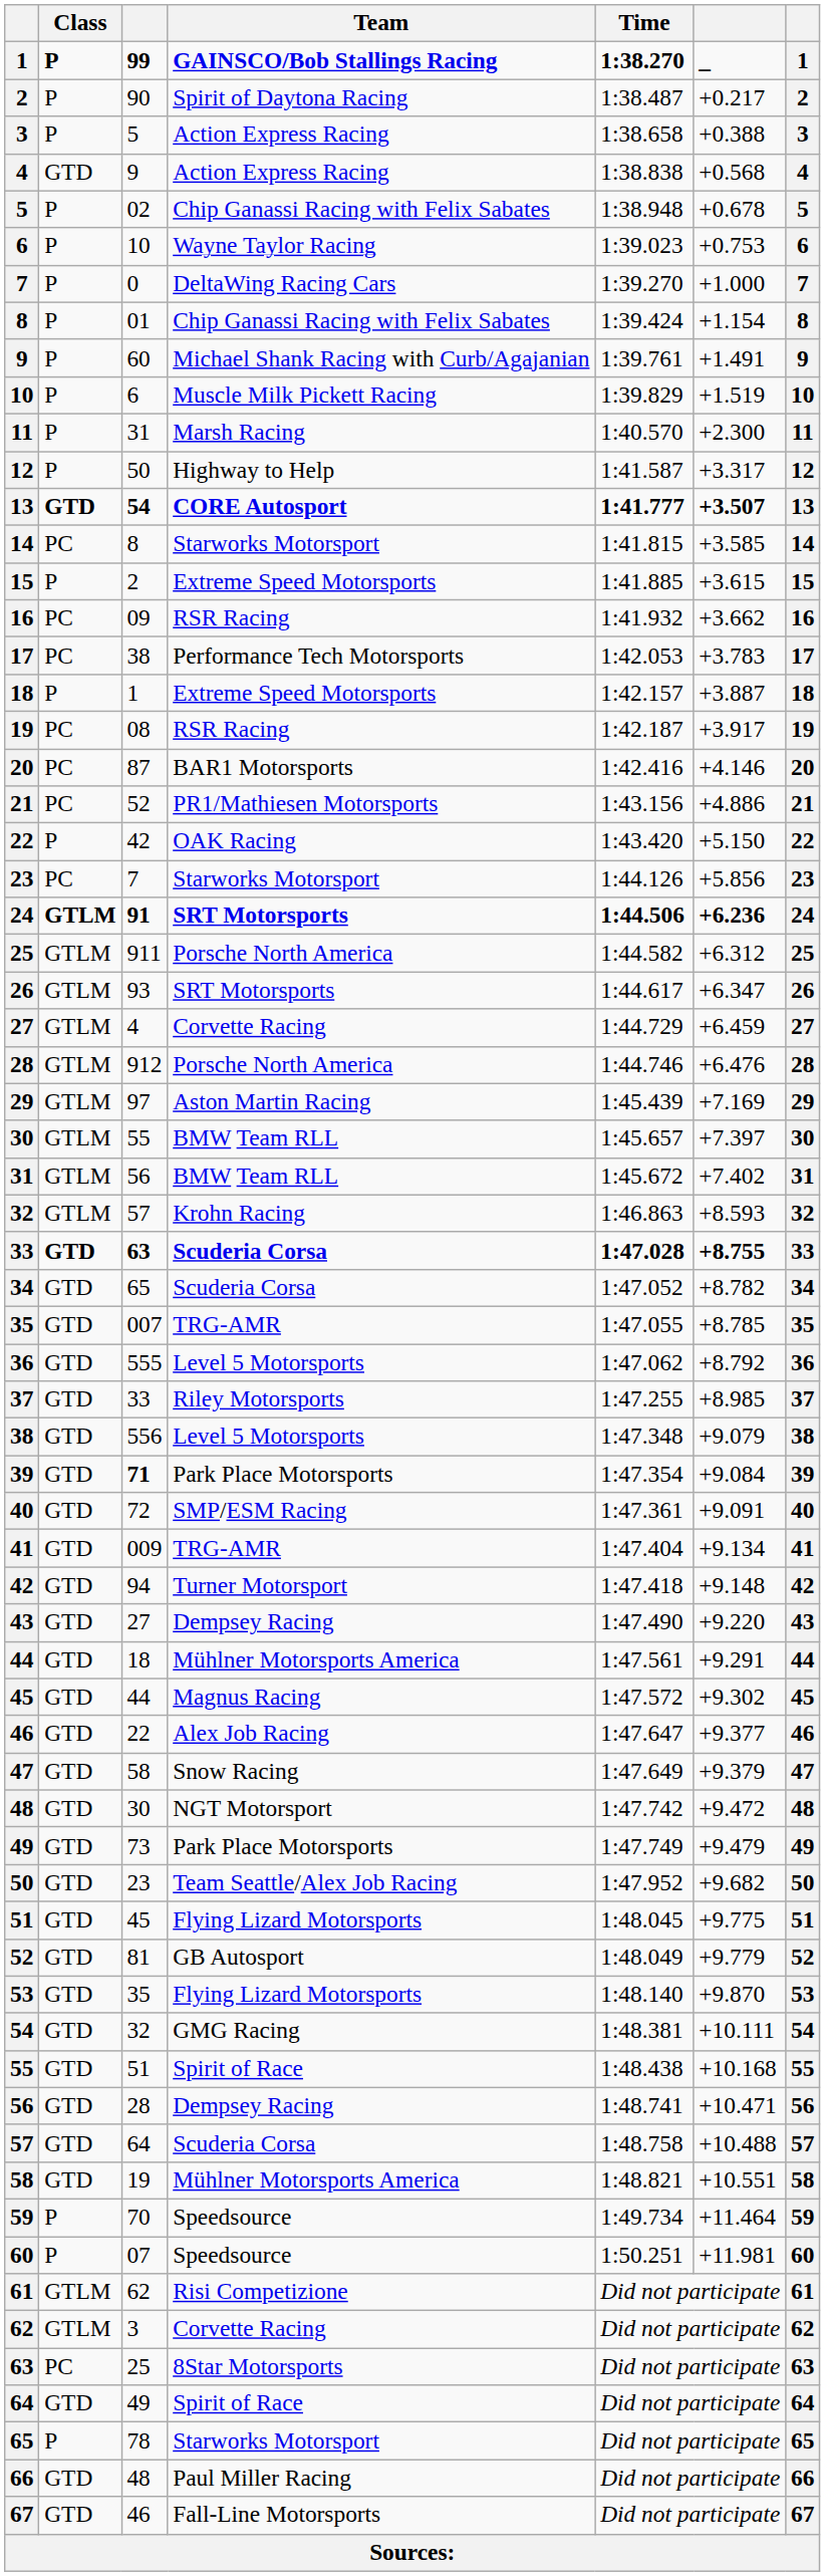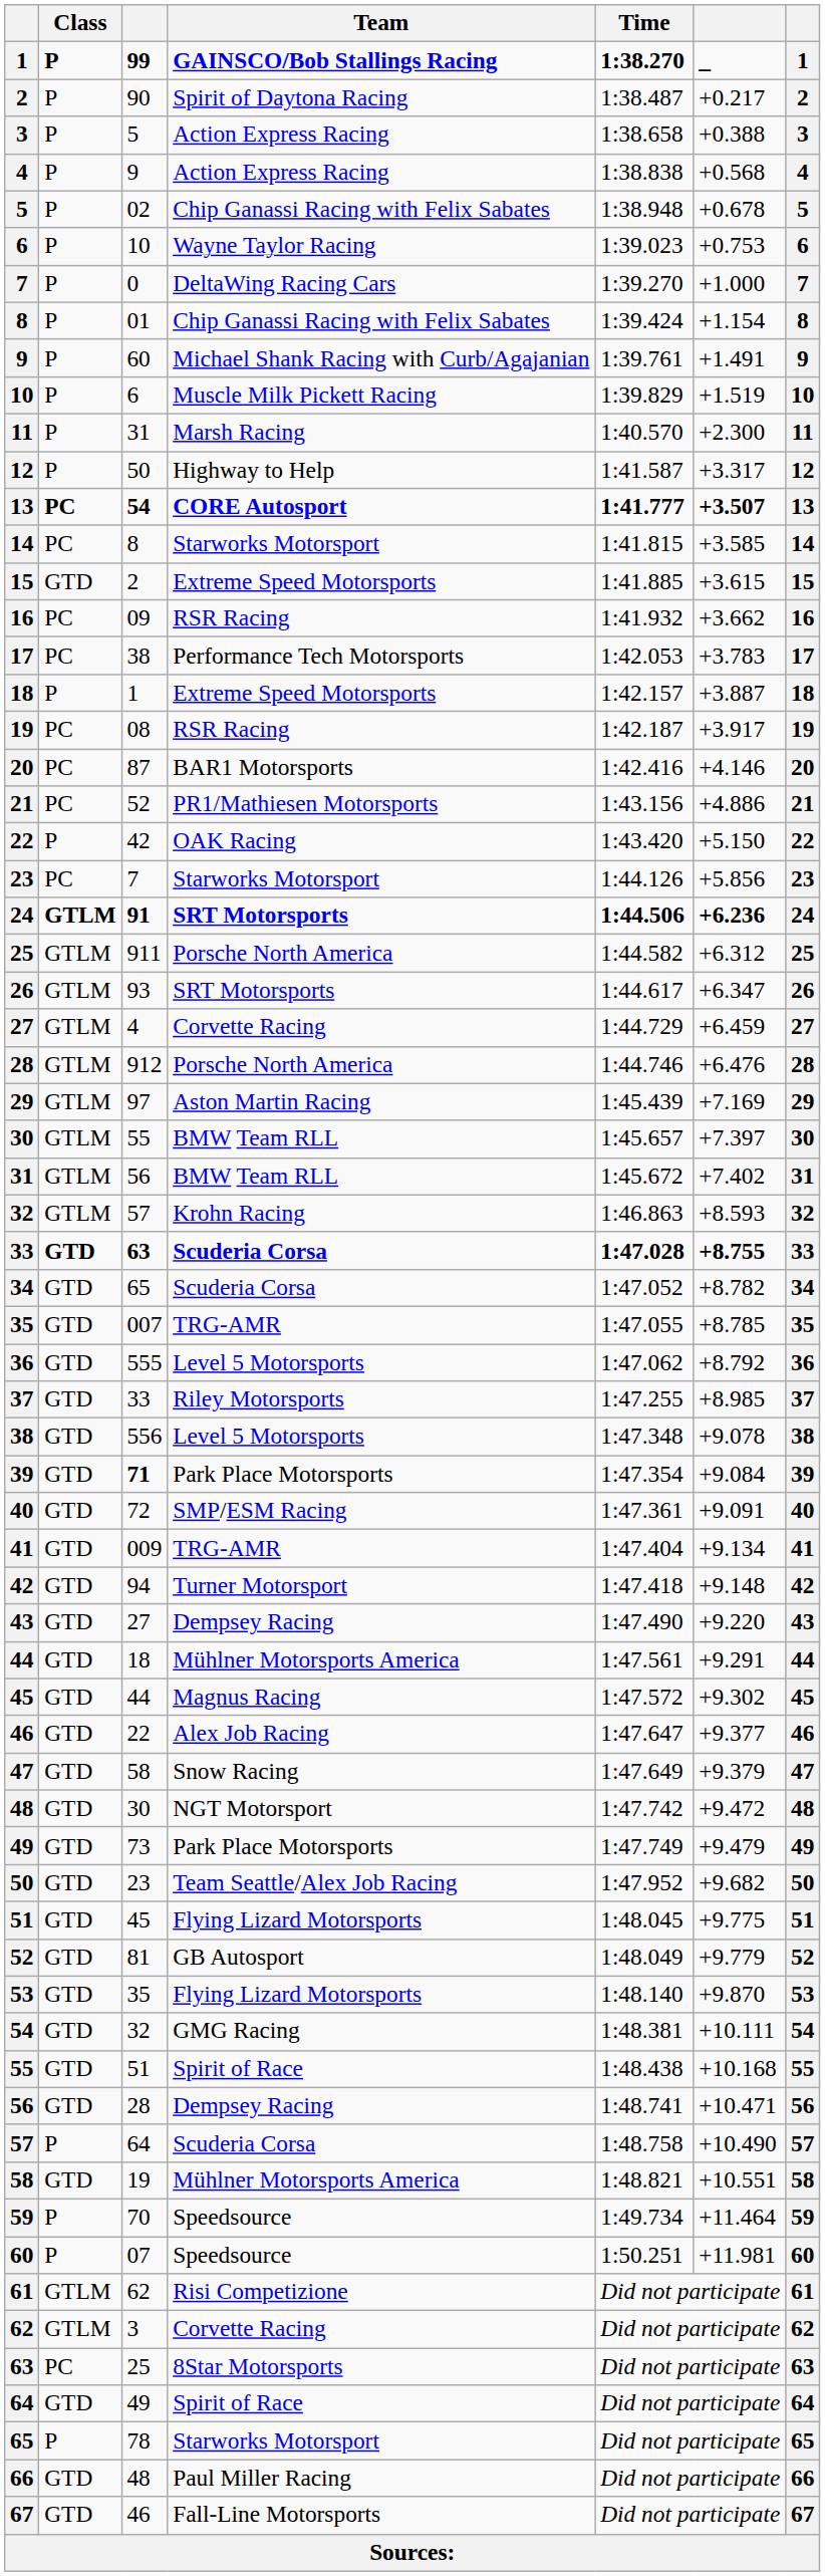 <table class="wikitable">
 <tr>
 <th></th>
 <th>Class</th>
 <th></th>
 <th>Team</th>
 <th>Time</th>
 <th></th>
 <th></th>
 </tr>
 <tr style="font-weight:bold">
 <th>1</th>
 <td>P</td>
 <td>99</td>
 <td> <a href='#'>GAINSCO/Bob Stallings Racing</a></td>
 <td>1:38.270</td>
 <td><strong>_</strong></td>
 <th>1</th>
 </tr>
 <tr>
 <th>2</th>
 <td>P</td>
 <td>90</td>
 <td> <a href='#'>Spirit of Daytona Racing</a></td>
 <td>1:38.487</td>
 <td>+0.217</td>
 <th>2</th>
 </tr>
 <tr>
 <th>3</th>
 <td>P</td>
 <td>5</td>
 <td> <a href='#'>Action Express Racing</a></td>
 <td>1:38.658</td>
 <td>+0.388</td>
 <th>3</th>
 </tr>
 <tr>
 <th>4</th>
-<td>GTD</td>
+<td>P</td>
 <td>9</td>
 <td> <a href='#'>Action Express Racing</a></td>
 <td>1:38.838</td>
 <td>+0.568</td>
 <th>4</th>
 </tr>
 <tr>
 <th>5</th>
 <td>P</td>
 <td>02</td>
 <td> <a href='#'>Chip Ganassi Racing with Felix Sabates</a></td>
 <td>1:38.948</td>
 <td>+0.678</td>
 <th>5</th>
 </tr>
 <tr>
 <th>6</th>
 <td>P</td>
 <td>10</td>
 <td> <a href='#'>Wayne Taylor Racing</a></td>
 <td>1:39.023</td>
 <td>+0.753</td>
 <th>6</th>
 </tr>
 <tr>
 <th>7</th>
 <td>P</td>
 <td>0</td>
 <td> <a href='#'>DeltaWing Racing Cars</a></td>
 <td>1:39.270</td>
 <td>+1.000</td>
 <th>7</th>
 </tr>
 <tr>
 <th>8</th>
 <td>P</td>
 <td>01</td>
 <td> <a href='#'>Chip Ganassi Racing with Felix Sabates</a></td>
 <td>1:39.424</td>
 <td>+1.154</td>
 <th>8</th>
 </tr>
 <tr>
 <th>9</th>
 <td>P</td>
 <td>60</td>
 <td> <a href='#'>Michael Shank Racing</a> with <a href='#'>Curb/Agajanian</a></td>
 <td>1:39.761</td>
 <td>+1.491</td>
 <th>9</th>
 </tr>
 <tr>
 <th>10</th>
 <td>P</td>
 <td>6</td>
 <td> <a href='#'>Muscle Milk Pickett Racing</a></td>
 <td>1:39.829</td>
 <td>+1.519</td>
 <th>10</th>
 </tr>
 <tr>
 <th>11</th>
 <td>P</td>
 <td>31</td>
 <td> <a href='#'>Marsh Racing</a></td>
 <td>1:40.570</td>
 <td>+2.300</td>
 <th>11</th>
 </tr>
 <tr>
 <th>12</th>
 <td>P</td>
 <td>50</td>
 <td> Highway to Help</td>
 <td>1:41.587</td>
 <td>+3.317</td>
 <th>12</th>
 </tr>
 <tr style="font-weight:bold">
 <th>13</th>
-<td>GTD</td>
+<td>PC</td>
 <td>54</td>
 <td> <a href='#'>CORE Autosport</a></td>
 <td>1:41.777</td>
 <td>+3.507</td>
 <th>13</th>
 </tr>
 <tr>
 <th>14</th>
 <td>PC</td>
 <td>8</td>
 <td> <a href='#'>Starworks Motorsport</a></td>
 <td>1:41.815</td>
 <td>+3.585</td>
 <th>14</th>
 </tr>
 <tr>
 <th>15</th>
-<td>P</td>
+<td>GTD</td>
 <td>2</td>
 <td> <a href='#'>Extreme Speed Motorsports</a></td>
 <td>1:41.885</td>
 <td>+3.615</td>
 <th>15</th>
 </tr>
 <tr>
 <th>16</th>
 <td>PC</td>
 <td>09</td>
 <td> <a href='#'>RSR Racing</a></td>
 <td>1:41.932</td>
 <td>+3.662</td>
 <th>16</th>
 </tr>
 <tr>
 <th>17</th>
 <td>PC</td>
 <td>38</td>
 <td> Performance Tech Motorsports</td>
 <td>1:42.053</td>
 <td>+3.783</td>
 <th>17</th>
 </tr>
 <tr>
 <th>18</th>
 <td>P</td>
 <td>1</td>
 <td> <a href='#'>Extreme Speed Motorsports</a></td>
 <td>1:42.157</td>
 <td>+3.887</td>
 <th>18</th>
 </tr>
 <tr>
 <th>19</th>
 <td>PC</td>
 <td>08</td>
 <td> <a href='#'>RSR Racing</a></td>
 <td>1:42.187</td>
 <td>+3.917</td>
 <th>19</th>
 </tr>
 <tr>
 <th>20</th>
 <td>PC</td>
 <td>87</td>
 <td> BAR1 Motorsports</td>
 <td>1:42.416</td>
 <td>+4.146</td>
 <th>20</th>
 </tr>
 <tr>
 <th>21</th>
 <td>PC</td>
 <td>52</td>
 <td> <a href='#'>PR1/Mathiesen Motorsports</a></td>
 <td>1:43.156</td>
 <td>+4.886</td>
 <th>21</th>
 </tr>
 <tr>
 <th>22</th>
 <td>P</td>
 <td>42</td>
 <td> <a href='#'>OAK Racing</a></td>
 <td>1:43.420</td>
 <td>+5.150</td>
 <th>22</th>
 </tr>
 <tr>
 <th>23</th>
 <td>PC</td>
 <td>7</td>
 <td> <a href='#'>Starworks Motorsport</a></td>
 <td>1:44.126</td>
 <td>+5.856</td>
 <th>23</th>
 </tr>
 <tr style="font-weight:bold">
 <th>24</th>
 <td>GTLM</td>
 <td>91</td>
 <td> <a href='#'>SRT Motorsports</a></td>
 <td>1:44.506</td>
 <td>+6.236</td>
 <th>24</th>
 </tr>
 <tr>
 <th>25</th>
 <td>GTLM</td>
 <td>911</td>
 <td> <a href='#'>Porsche North America</a></td>
 <td>1:44.582</td>
 <td>+6.312</td>
 <th>25</th>
 </tr>
 <tr>
 <th>26</th>
 <td>GTLM</td>
 <td>93</td>
 <td> <a href='#'>SRT Motorsports</a></td>
 <td>1:44.617</td>
 <td>+6.347</td>
 <th>26</th>
 </tr>
 <tr>
 <th>27</th>
 <td>GTLM</td>
 <td>4</td>
 <td> <a href='#'>Corvette Racing</a></td>
 <td>1:44.729</td>
 <td>+6.459</td>
 <th>27</th>
 </tr>
 <tr>
 <th>28</th>
 <td>GTLM</td>
 <td>912</td>
 <td> <a href='#'>Porsche North America</a></td>
 <td>1:44.746</td>
 <td>+6.476</td>
 <th>28</th>
 </tr>
 <tr>
 <th>29</th>
 <td>GTLM</td>
 <td>97</td>
 <td> <a href='#'>Aston Martin Racing</a></td>
 <td>1:45.439</td>
 <td>+7.169</td>
 <th>29</th>
 </tr>
 <tr>
 <th>30</th>
 <td>GTLM</td>
 <td>55</td>
 <td> <a href='#'>BMW</a> <a href='#'>Team RLL</a></td>
 <td>1:45.657</td>
 <td>+7.397</td>
 <th>30</th>
 </tr>
 <tr>
 <th>31</th>
 <td>GTLM</td>
 <td>56</td>
 <td> <a href='#'>BMW</a> <a href='#'>Team RLL</a></td>
 <td>1:45.672</td>
 <td>+7.402</td>
 <th>31</th>
 </tr>
 <tr>
 <th>32</th>
 <td>GTLM</td>
 <td>57</td>
 <td> <a href='#'>Krohn Racing</a></td>
 <td>1:46.863</td>
 <td>+8.593</td>
 <th>32</th>
 </tr>
 <tr style="font-weight:bold">
 <th>33</th>
 <td>GTD</td>
 <td>63</td>
 <td> <a href='#'>Scuderia Corsa</a></td>
 <td>1:47.028</td>
 <td>+8.755</td>
 <th>33</th>
 </tr>
 <tr>
 <th>34</th>
 <td>GTD</td>
 <td>65</td>
 <td> <a href='#'>Scuderia Corsa</a></td>
 <td>1:47.052</td>
 <td>+8.782</td>
 <th>34</th>
 </tr>
 <tr>
 <th>35</th>
 <td>GTD</td>
 <td>007</td>
 <td> <a href='#'>TRG-AMR</a></td>
 <td>1:47.055</td>
 <td>+8.785</td>
 <th>35</th>
 </tr>
 <tr>
 <th>36</th>
 <td>GTD</td>
 <td>555</td>
 <td> <a href='#'>Level 5 Motorsports</a></td>
 <td>1:47.062</td>
 <td>+8.792</td>
 <th>36</th>
 </tr>
 <tr>
 <th>37</th>
 <td>GTD</td>
 <td>33</td>
 <td> <a href='#'>Riley Motorsports</a></td>
 <td>1:47.255</td>
 <td>+8.985</td>
 <th>37</th>
 </tr>
 <tr>
 <th>38</th>
 <td>GTD</td>
 <td>556</td>
 <td> <a href='#'>Level 5 Motorsports</a></td>
 <td>1:47.348</td>
-<td>+9.079</td>
+<td>+9.078</td>
 <th>38</th>
 </tr>
 <tr>
 <th>39</th>
 <td>GTD</td>
 <td><strong>71</strong></td>
 <td> Park Place Motorsports</td>
 <td>1:47.354</td>
 <td>+9.084</td>
 <th>39</th>
 </tr>
 <tr>
 <th>40</th>
 <td>GTD</td>
 <td>72</td>
 <td> <a href='#'>SMP</a>/<a href='#'>ESM Racing</a></td>
 <td>1:47.361</td>
 <td>+9.091</td>
 <th>40</th>
 </tr>
 <tr>
 <th>41</th>
 <td>GTD</td>
 <td>009</td>
 <td> <a href='#'>TRG-AMR</a></td>
 <td>1:47.404</td>
 <td>+9.134</td>
 <th>41</th>
 </tr>
 <tr>
 <th>42</th>
 <td>GTD</td>
 <td>94</td>
 <td> <a href='#'>Turner Motorsport</a></td>
 <td>1:47.418</td>
 <td>+9.148</td>
 <th>42</th>
 </tr>
 <tr>
 <th>43</th>
 <td>GTD</td>
 <td>27</td>
 <td> <a href='#'>Dempsey Racing</a></td>
 <td>1:47.490</td>
 <td>+9.220</td>
 <th>43</th>
 </tr>
 <tr>
 <th>44</th>
 <td>GTD</td>
 <td>18</td>
 <td> <a href='#'>Mühlner Motorsports America</a></td>
 <td>1:47.561</td>
 <td>+9.291</td>
 <th>44</th>
 </tr>
 <tr>
 <th>45</th>
 <td>GTD</td>
 <td>44</td>
 <td> <a href='#'>Magnus Racing</a></td>
 <td>1:47.572</td>
 <td>+9.302</td>
 <th>45</th>
 </tr>
 <tr>
 <th>46</th>
 <td>GTD</td>
 <td>22</td>
 <td> <a href='#'>Alex Job Racing</a></td>
 <td>1:47.647</td>
 <td>+9.377</td>
 <th>46</th>
 </tr>
 <tr>
 <th>47</th>
 <td>GTD</td>
 <td>58</td>
 <td> Snow Racing</td>
 <td>1:47.649</td>
 <td>+9.379</td>
 <th>47</th>
 </tr>
 <tr>
 <th>48</th>
 <td>GTD</td>
 <td>30</td>
 <td> NGT Motorsport</td>
 <td>1:47.742</td>
 <td>+9.472</td>
 <th>48</th>
 </tr>
 <tr>
 <th>49</th>
 <td>GTD</td>
 <td>73</td>
 <td> Park Place Motorsports</td>
 <td>1:47.749</td>
 <td>+9.479</td>
 <th>49</th>
 </tr>
 <tr>
 <th>50</th>
 <td>GTD</td>
 <td>23</td>
 <td> <a href='#'>Team Seattle</a>/<a href='#'>Alex Job Racing</a></td>
 <td>1:47.952</td>
 <td>+9.682</td>
 <th>50</th>
 </tr>
 <tr>
 <th>51</th>
 <td>GTD</td>
 <td>45</td>
 <td> <a href='#'>Flying Lizard Motorsports</a></td>
 <td>1:48.045</td>
 <td>+9.775</td>
 <th>51</th>
 </tr>
 <tr>
 <th>52</th>
 <td>GTD</td>
 <td>81</td>
 <td> GB Autosport</td>
 <td>1:48.049</td>
 <td>+9.779</td>
 <th>52</th>
 </tr>
 <tr>
 <th>53</th>
 <td>GTD</td>
 <td>35</td>
 <td> <a href='#'>Flying Lizard Motorsports</a></td>
 <td>1:48.140</td>
 <td>+9.870</td>
 <th>53</th>
 </tr>
 <tr>
 <th>54</th>
 <td>GTD</td>
 <td>32</td>
 <td> GMG Racing</td>
 <td>1:48.381</td>
 <td>+10.111</td>
 <th>54</th>
 </tr>
 <tr>
 <th>55</th>
 <td>GTD</td>
 <td>51</td>
 <td> <a href='#'>Spirit of Race</a></td>
 <td>1:48.438</td>
 <td>+10.168</td>
 <th>55</th>
 </tr>
 <tr>
 <th>56</th>
 <td>GTD</td>
 <td>28</td>
 <td> <a href='#'>Dempsey Racing</a></td>
 <td>1:48.741</td>
 <td>+10.471</td>
 <th>56</th>
 </tr>
 <tr>
 <th>57</th>
-<td>GTD</td>
+<td>P</td>
 <td>64</td>
 <td> <a href='#'>Scuderia Corsa</a></td>
 <td>1:48.758</td>
-<td>+10.488</td>
+<td>+10.490</td>
 <th>57</th>
 </tr>
 <tr>
 <th>58</th>
 <td>GTD</td>
 <td>19</td>
 <td> <a href='#'>Mühlner Motorsports America</a></td>
 <td>1:48.821</td>
 <td>+10.551</td>
 <th>58</th>
 </tr>
 <tr>
 <th>59</th>
 <td>P</td>
 <td>70</td>
 <td> Speedsource</td>
 <td>1:49.734</td>
 <td>+11.464</td>
 <th>59</th>
 </tr>
 <tr>
 <th>60</th>
 <td>P</td>
 <td>07</td>
 <td> Speedsource</td>
 <td>1:50.251</td>
 <td>+11.981</td>
 <th>60</th>
 </tr>
 <tr>
 <th>61</th>
 <td>GTLM</td>
 <td>62</td>
 <td> <a href='#'>Risi Competizione</a></td>
 <td colspan="2"><em>Did not participate</em></td>
 <th>61</th>
 </tr>
 <tr>
 <th>62</th>
 <td>GTLM</td>
 <td>3</td>
 <td> <a href='#'>Corvette Racing</a></td>
 <td colspan="2"><em>Did not participate</em></td>
 <th>62</th>
 </tr>
 <tr>
 <th>63</th>
 <td>PC</td>
 <td>25</td>
 <td> <a href='#'>8Star Motorsports</a></td>
 <td colspan="2"><em>Did not participate</em></td>
 <th>63</th>
 </tr>
 <tr>
 <th>64</th>
 <td>GTD</td>
 <td>49</td>
 <td> <a href='#'>Spirit of Race</a></td>
 <td colspan="2"><em>Did not participate</em></td>
 <th>64</th>
 </tr>
 <tr>
 <th>65</th>
 <td>P</td>
 <td>78</td>
 <td> <a href='#'>Starworks Motorsport</a></td>
 <td colspan="2"><em>Did not participate</em></td>
 <th>65</th>
 </tr>
 <tr>
 <th>66</th>
 <td>GTD</td>
 <td>48</td>
 <td> Paul Miller Racing</td>
 <td colspan="2"><em>Did not participate</em></td>
 <th>66</th>
 </tr>
 <tr>
 <th>67</th>
 <td>GTD</td>
 <td>46</td>
 <td> Fall-Line Motorsports</td>
 <td colspan="2"><em>Did not participate</em></td>
 <th>67</th>
 </tr>
 <tr>
 <th colspan="7">Sources:</th>
 </tr>
 </table>
